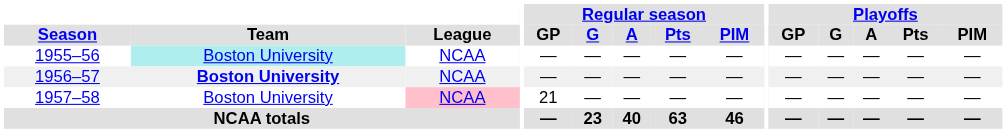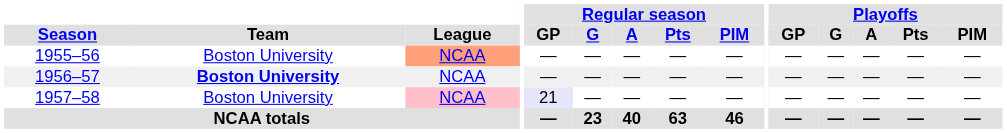 <table border="0" cellpadding="1" cellspacing="0" style="text-align:center; width:60em">
 <tr bgcolor="#e0e0e0">
 <th colspan="3" bgcolor="#ffffff"></th>
 <th rowspan="99" bgcolor="#ffffff"></th>
 <th colspan="5"><a href='#'>Regular season</a></th>
 <th rowspan="99" bgcolor="#ffffff"></th>
 <th colspan="5"><a href='#'>Playoffs</a></th>
 </tr>
 <tr bgcolor="#e0e0e0">
 <th><a href='#'>Season</a></th>
 <th>Team</th>
 <th>League</th>
 <th>GP</th>
 <th><a href='#'>G</a></th>
 <th><a href='#'>A</a></th>
 <th><a href='#'>Pts</a></th>
 <th><a href='#'>PIM</a></th>
 <th>GP</th>
 <th>G</th>
 <th>A</th>
 <th>Pts</th>
 <th>PIM</th>
 </tr>
 <tr>
 <td><a href='#'>1955–56</a></td>
-<td style="background: paleturquoise;"><a href='#'>Boston University</a></td>
-<td><a href='#'>NCAA</a></td>
+<td><a href='#'>Boston University</a></td>
+<td style="background: lightsalmon;"><a href='#'>NCAA</a></td>
 <td>—</td>
 <td>—</td>
 <td>—</td>
 <td>—</td>
 <td>—</td>
 <td>—</td>
 <td>—</td>
 <td>—</td>
 <td>—</td>
 <td>—</td>
 </tr>
 <tr bgcolor="f0f0f0">
 <td><a href='#'>1956–57</a></td>
 <td><strong><a href='#'>Boston University</a></strong></td>
 <td><a href='#'>NCAA</a></td>
 <td>—</td>
 <td>—</td>
 <td>—</td>
 <td>—</td>
 <td>—</td>
 <td>—</td>
 <td>—</td>
 <td>—</td>
 <td>—</td>
 <td>—</td>
 </tr>
 <tr>
 <td><a href='#'>1957–58</a></td>
 <td><a href='#'>Boston University</a></td>
 <td style="background: pink;"><a href='#'>NCAA</a></td>
-<td>21</td>
+<td style="background: lavender;">21</td>
 <td>—</td>
 <td>—</td>
 <td>—</td>
 <td>—</td>
 <td>—</td>
 <td>—</td>
 <td>—</td>
 <td>—</td>
 <td>—</td>
 </tr>
 <tr bgcolor="#e0e0e0">
 <th colspan="3">NCAA totals</th>
 <th>—</th>
 <th>23</th>
 <th>40</th>
 <th>63</th>
 <th>46</th>
 <th>—</th>
 <th>—</th>
 <th>—</th>
 <th>—</th>
 <th>—</th>
 </tr>
 </table>
